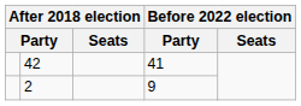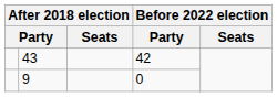 <table class="wikitable">
 <tr>
 <th colspan="3">After 2018 election</th>
 <th colspan="3">Before 2022 election</th>
 </tr>
 <tr>
 <th colspan="2">Party</th>
 <th>Seats</th>
 <th colspan="2">Party</th>
 <th>Seats</th>
 </tr>
 <tr>
 <td></td>
+<td>43</td>
+<td></td>
 <td>42</td>
-<td></td>
-<td>41</td>
 </tr>
 <tr>
 <td></td>
-<td>2</td>
+<td>9</td>
 <td></td>
-<td>9</td>
+<td>0</td>
 </tr>
 </table>
